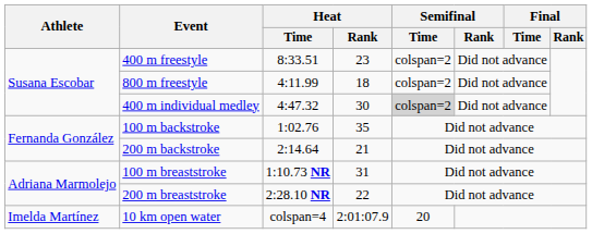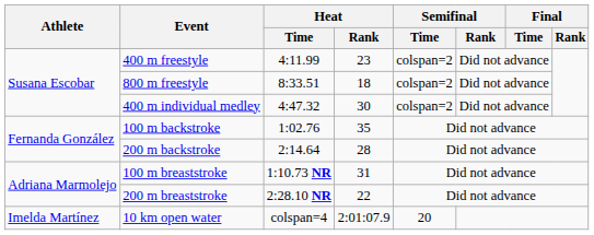 <table class=wikitable style="font-size:90%">
 <tr>
 <th rowspan="2">Athlete</th>
 <th rowspan="2">Event</th>
 <th colspan="2">Heat</th>
 <th colspan="2">Semifinal</th>
 <th colspan="2">Final</th>
 </tr>
 <tr style="font-size:95%">
 <th>Time</th>
 <th>Rank</th>
 <th>Time</th>
 <th>Rank</th>
 <th>Time</th>
 <th>Rank</th>
 </tr>
 <tr align=center>
 <td align=left rowspan=3><a href='#'>Susana Escobar</a></td>
 <td align=left><a href='#'>400 m freestyle</a></td>
-<td>8:33.51</td>
+<td>4:11.99</td>
 <td>23</td>
 <td>colspan=2 </td>
 <td colspan=2>Did not advance</td>
 </tr>
 <tr align=center>
 <td align=left><a href='#'>800 m freestyle</a></td>
-<td>4:11.99</td>
+<td>8:33.51</td>
 <td>18</td>
 <td>colspan=2 </td>
 <td colspan=2>Did not advance</td>
 </tr>
 <tr align=center>
 <td align=left><a href='#'>400 m individual medley</a></td>
 <td>4:47.32</td>
 <td>30</td>
-<td style="background: lightgrey;">colspan=2 </td>
+<td>colspan=2 </td>
 <td colspan=2>Did not advance</td>
 </tr>
 <tr align=center>
 <td align=left rowspan=2><a href='#'>Fernanda González</a></td>
 <td align=left><a href='#'>100 m backstroke</a></td>
 <td>1:02.76</td>
 <td>35</td>
 <td colspan=4>Did not advance</td>
 </tr>
 <tr align=center>
 <td align=left><a href='#'>200 m backstroke</a></td>
 <td>2:14.64</td>
-<td>21</td>
+<td>28</td>
 <td colspan=4>Did not advance</td>
 </tr>
 <tr align=center>
 <td align=left rowspan=2><a href='#'>Adriana Marmolejo</a></td>
 <td align=left><a href='#'>100 m breaststroke</a></td>
 <td>1:10.73 <strong><a href='#'>NR</a></strong></td>
 <td>31</td>
 <td colspan=4>Did not advance</td>
 </tr>
 <tr align=center>
 <td align=left><a href='#'>200 m breaststroke</a></td>
 <td>2:28.10 <strong><a href='#'>NR</a></strong></td>
 <td>22</td>
 <td colspan=4>Did not advance</td>
 </tr>
 <tr align=center>
 <td align=left><a href='#'>Imelda Martínez</a></td>
 <td align=left><a href='#'>10 km open water</a></td>
 <td>colspan=4 </td>
 <td>2:01:07.9</td>
 <td>20</td>
 </tr>
 </table>
